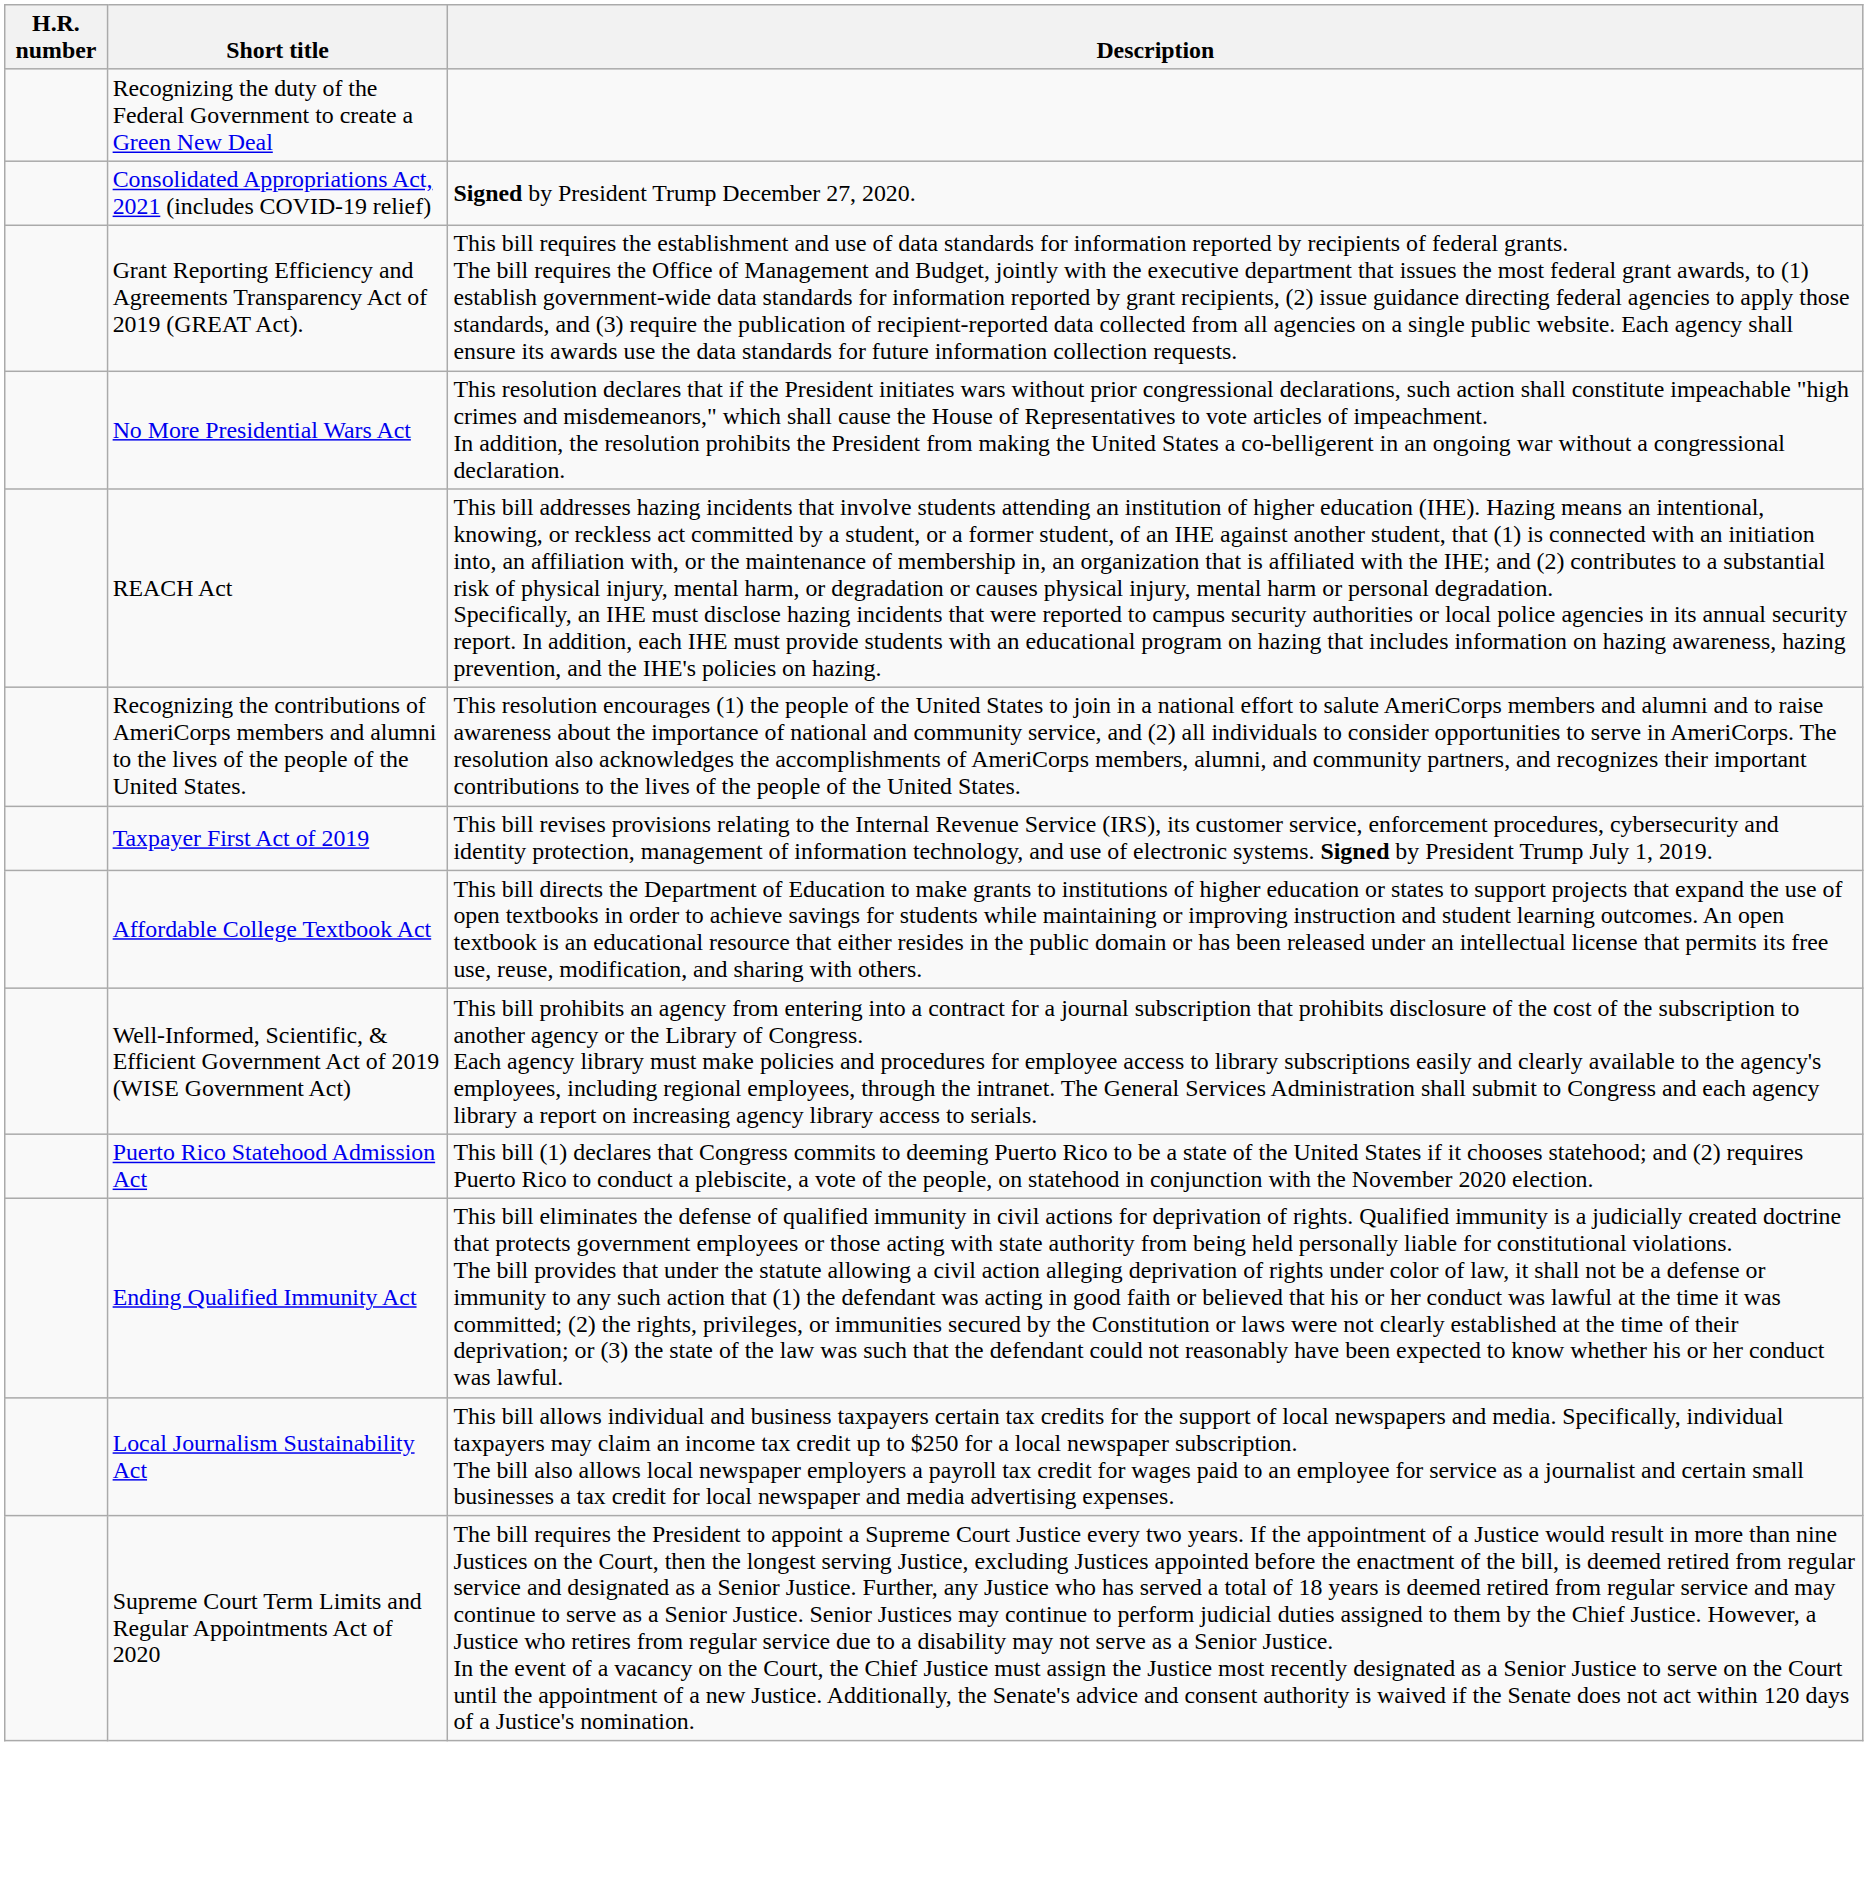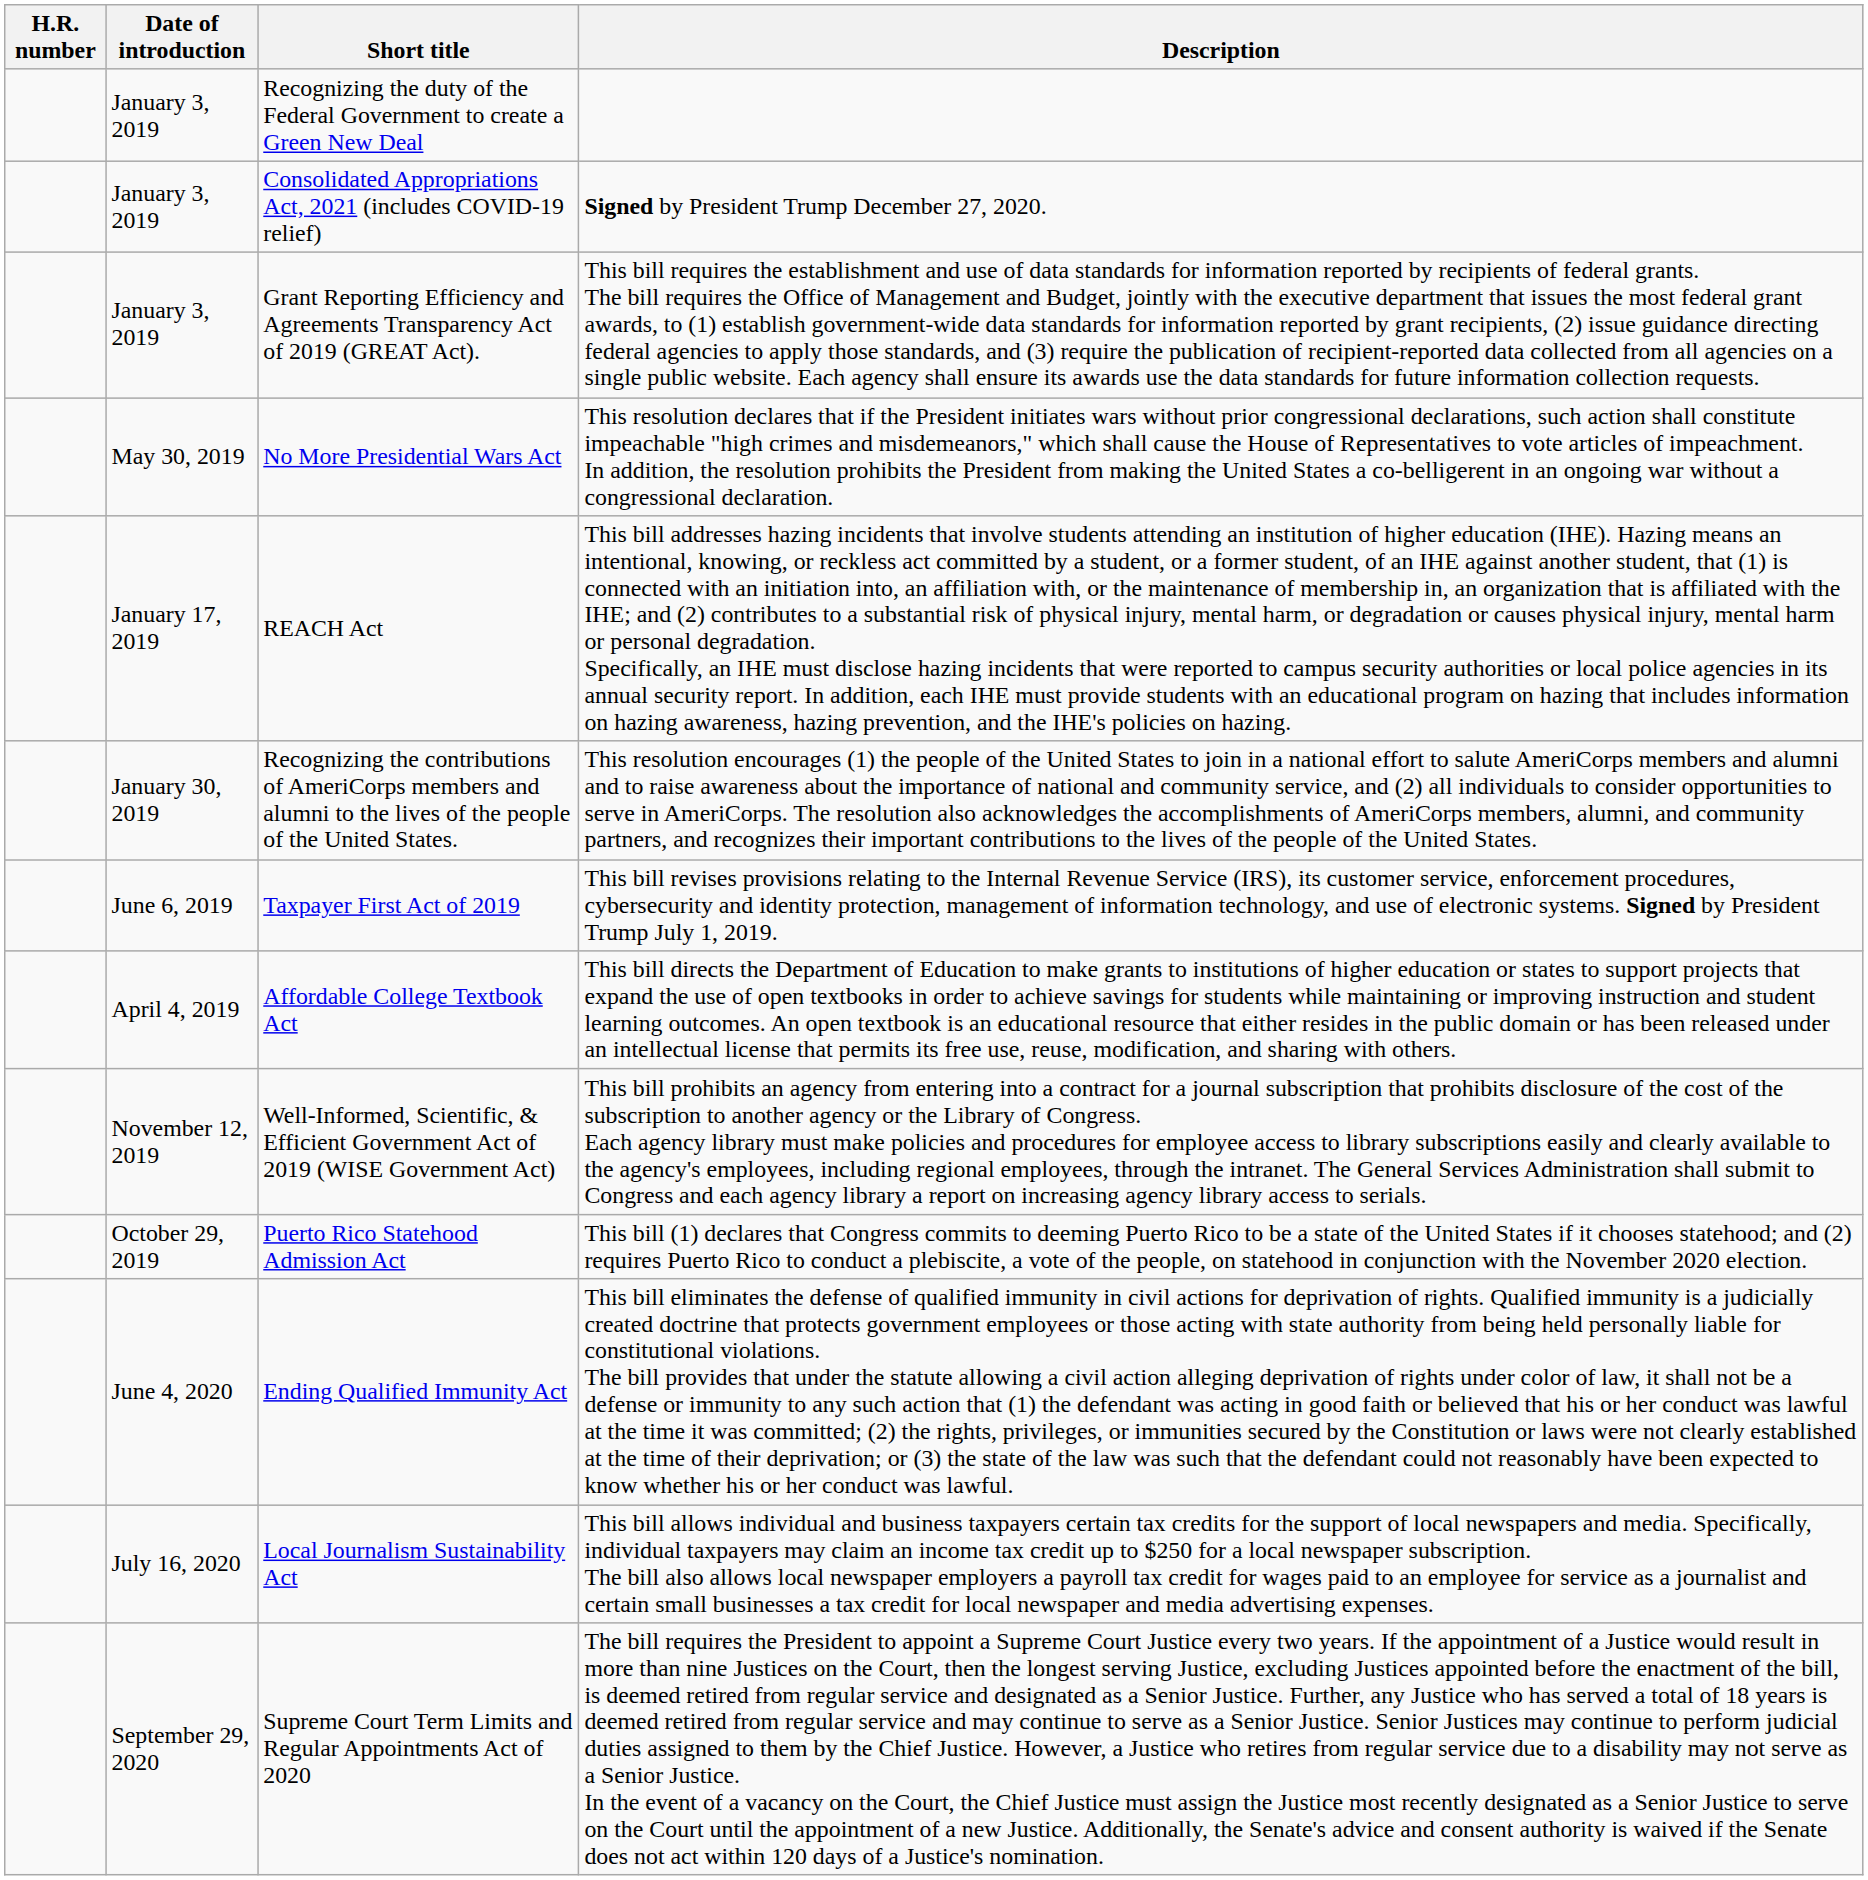 <table class="wikitable">
 <tr valign="bottom">
 <th>H.R. number</th>
+<th>Date of introduction</th>
 <th>Short title</th>
 <th>Description</th>
 </tr>
 <tr>
 <td></td>
+<td>January 3, 2019</td>
 <td>Recognizing the duty of the Federal Government to create a <a href='#'>Green New Deal</a></td>
 <td></td>
 </tr>
 <tr>
 <td></td>
+<td>January 3, 2019</td>
 <td><a href='#'>Consolidated Appropriations Act, 2021</a> (includes COVID-19 relief)</td>
 <td><strong>Signed</strong> by President Trump December 27, 2020.</td>
 </tr>
 <tr>
 <td></td>
+<td>January 3, 2019</td>
 <td>Grant Reporting Efficiency and Agreements Transparency Act of 2019 (GREAT Act).</td>
 <td>This bill requires the establishment and use of data standards for information reported by recipients of federal grants.<br>The bill requires the Office of Management and Budget, jointly with the executive department that issues the most federal grant awards, to (1) establish government-wide data standards for information reported by grant recipients, (2) issue guidance directing federal agencies to apply those standards, and (3) require the publication of recipient-reported data collected from all agencies on a single public website.  Each agency shall ensure its awards use the data standards for future information collection requests.</td>
 </tr>
 <tr>
 <td></td>
+<td>May 30, 2019</td>
 <td><a href='#'>No More Presidential Wars Act</a></td>
 <td>This resolution declares that if the President initiates wars without prior congressional declarations, such action shall constitute impeachable "high crimes and misdemeanors," which shall cause the House of Representatives to vote articles of impeachment.<br>In addition, the resolution prohibits the President from making the United States a co-belligerent in an ongoing war without a congressional declaration.</td>
 </tr>
 <tr>
 <td></td>
+<td>January 17, 2019</td>
 <td>REACH Act</td>
 <td>This bill addresses hazing incidents that involve students attending an institution of higher education (IHE). Hazing means an intentional, knowing, or reckless act committed by a student, or a former student, of an IHE against another student, that (1) is connected with an initiation into, an affiliation with, or the maintenance of membership in, an organization that is affiliated with the IHE; and (2) contributes to a substantial risk of physical injury, mental harm, or degradation or causes physical injury, mental harm or personal degradation.<br>Specifically, an IHE must disclose hazing incidents that were reported to campus security authorities or local police agencies in its annual security report. In addition, each IHE must provide students with an educational program on hazing that includes information on hazing awareness, hazing prevention, and the IHE's policies on hazing.</td>
 </tr>
 <tr>
 <td></td>
+<td>January 30, 2019</td>
 <td>Recognizing the contributions of AmeriCorps members and alumni to the lives of the people of the United States.</td>
 <td>This resolution encourages (1) the people of the United States to join in a national effort to salute AmeriCorps members and alumni and to raise awareness about the importance of national and community service, and (2) all individuals to consider opportunities to serve in AmeriCorps. The resolution also acknowledges the accomplishments of AmeriCorps members, alumni, and community partners, and recognizes their important contributions to the lives of the people of the United States.</td>
 </tr>
 <tr>
 <td></td>
+<td>June 6, 2019</td>
 <td><a href='#'>Taxpayer First Act of 2019</a></td>
 <td>This bill revises provisions relating to the Internal Revenue Service (IRS), its customer service, enforcement procedures, cybersecurity and identity protection, management of information technology, and use of electronic systems. <strong>Signed</strong> by President Trump July 1, 2019.</td>
 </tr>
 <tr>
 <td></td>
+<td>April 4, 2019</td>
 <td><a href='#'>Affordable College Textbook Act</a></td>
 <td>This bill directs the Department of Education to make grants to institutions of higher education or states to support projects that expand the use of open textbooks in order to achieve savings for students while maintaining or improving instruction and student learning outcomes. An open textbook is an educational resource that either resides in the public domain or has been released under an intellectual license that permits its free use, reuse, modification, and sharing with others.</td>
 </tr>
 <tr>
 <td></td>
+<td>November 12, 2019</td>
 <td>Well-Informed, Scientific, & Efficient Government Act of 2019 (WISE Government Act)</td>
 <td>This bill prohibits an agency from entering into a contract for a journal subscription that prohibits disclosure of the cost of the subscription to another agency or the Library of Congress.<br>Each agency library must make policies and procedures for employee access to library subscriptions easily and clearly available to the agency's employees, including regional employees, through the intranet. The General Services Administration shall submit to Congress and each agency library a report on increasing agency library access to serials.</td>
 </tr>
 <tr>
 <td></td>
+<td>October 29, 2019</td>
 <td><a href='#'>Puerto Rico Statehood Admission Act</a></td>
 <td>This bill (1) declares that Congress commits to deeming Puerto Rico to be a state of the United States if it chooses statehood; and (2) requires Puerto Rico to conduct a plebiscite, a vote of the people, on statehood in conjunction with the November 2020 election.</td>
 </tr>
 <tr>
 <td></td>
+<td>June 4, 2020</td>
 <td><a href='#'>Ending Qualified Immunity Act</a></td>
 <td>This bill eliminates the defense of qualified immunity in civil actions for deprivation of rights. Qualified immunity is a judicially created doctrine that protects government employees or those acting with state authority from being held personally liable for constitutional violations.<br>The bill provides that under the statute allowing a civil action alleging deprivation of rights under color of law, it shall not be a defense or immunity to any such action that (1) the defendant was acting in good faith or believed that his or her conduct was lawful at the time it was committed; (2) the rights, privileges, or immunities secured by the Constitution or laws were not clearly established at the time of their deprivation; or (3) the state of the law was such that the defendant could not reasonably have been expected to know whether his or her conduct was lawful.</td>
 </tr>
 <tr>
 <td></td>
+<td>July 16, 2020</td>
 <td><a href='#'>Local Journalism Sustainability Act</a></td>
 <td>This bill allows individual and business taxpayers certain tax credits for the support of local newspapers and media. Specifically, individual taxpayers may claim an income tax credit up to $250 for a local newspaper subscription.<br>The bill also allows local newspaper employers a payroll tax credit for wages paid to an employee for service as a journalist and certain small businesses a tax credit for local newspaper and media advertising expenses.</td>
 </tr>
 <tr>
 <td></td>
+<td>September 29, 2020</td>
 <td>Supreme Court Term Limits and Regular Appointments Act of 2020</td>
 <td>The bill requires the President to appoint a Supreme Court Justice every two years. If the appointment of a Justice would result in more than nine Justices on the Court, then the longest serving Justice, excluding Justices appointed before the enactment of the bill, is deemed retired from regular service and designated as a Senior Justice. Further, any Justice who has served a total of 18 years is deemed retired from regular service and may continue to serve as a Senior Justice. Senior Justices may continue to perform judicial duties assigned to them by the Chief Justice. However, a Justice who retires from regular service due to a disability may not serve as a Senior Justice.<br>In the event of a vacancy on the Court, the Chief Justice must assign the Justice most recently designated as a Senior Justice to serve on the Court until the appointment of a new Justice. Additionally, the Senate's advice and consent authority is waived if the Senate does not act within 120 days of a Justice's nomination.</td>
 </tr>
 </table>
